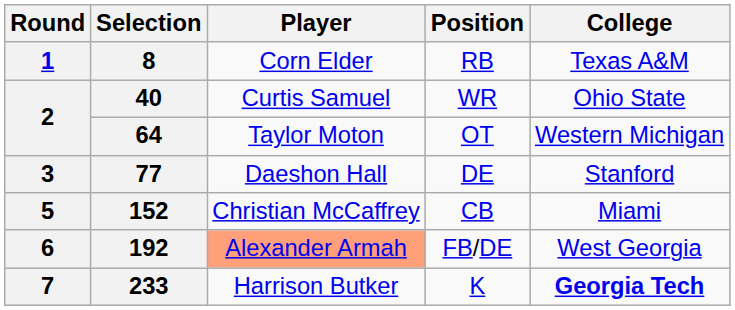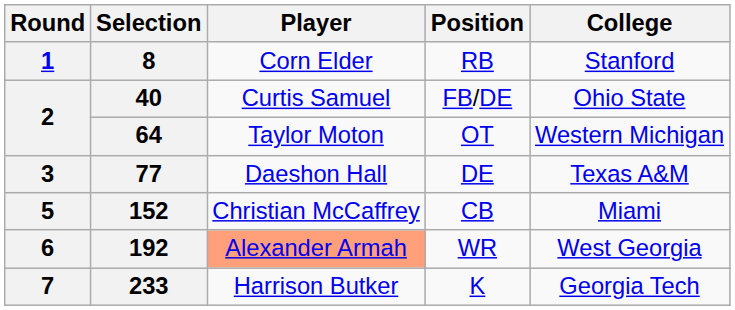 <table class="wikitable" style="text-align:center">
 <tr>
 <th>Round</th>
 <th>Selection</th>
 <th>Player</th>
 <th>Position</th>
 <th>College</th>
 </tr>
 <tr>
 <th><a href='#'>1</a></th>
 <th>8</th>
 <td><a href='#'>Corn Elder</a></td>
 <td><a href='#'>RB</a></td>
-<td><a href='#'>Texas A&M</a></td>
+<td><a href='#'>Stanford</a></td>
 </tr>
 <tr>
 <th rowspan=2>2</th>
 <th>40</th>
 <td><a href='#'>Curtis Samuel</a></td>
-<td><a href='#'>WR</a></td>
+<td><a href='#'>FB</a>/<a href='#'>DE</a></td>
 <td><a href='#'>Ohio State</a></td>
 </tr>
 <tr>
 <th>64</th>
 <td><a href='#'>Taylor Moton</a></td>
 <td><a href='#'>OT</a></td>
 <td><a href='#'>Western Michigan</a></td>
 </tr>
 <tr>
 <th>3</th>
 <th>77</th>
 <td><a href='#'>Daeshon Hall</a></td>
 <td><a href='#'>DE</a></td>
-<td><a href='#'>Stanford</a></td>
+<td><a href='#'>Texas A&M</a></td>
 </tr>
 <tr>
 <th>5</th>
 <th>152</th>
 <td><a href='#'>Christian McCaffrey</a></td>
 <td><a href='#'>CB</a></td>
 <td><a href='#'>Miami</a></td>
 </tr>
 <tr>
 <th>6</th>
 <th>192</th>
 <td style="background: lightsalmon;"><a href='#'>Alexander Armah</a></td>
-<td><a href='#'>FB</a>/<a href='#'>DE</a></td>
+<td><a href='#'>WR</a></td>
 <td><a href='#'>West Georgia</a></td>
 </tr>
 <tr>
 <th>7</th>
 <th>233</th>
 <td><a href='#'>Harrison Butker</a></td>
 <td><a href='#'>K</a></td>
-<td><strong><a href='#'>Georgia Tech</a></strong></td>
+<td><a href='#'>Georgia Tech</a></td>
 </tr>
 </table>
